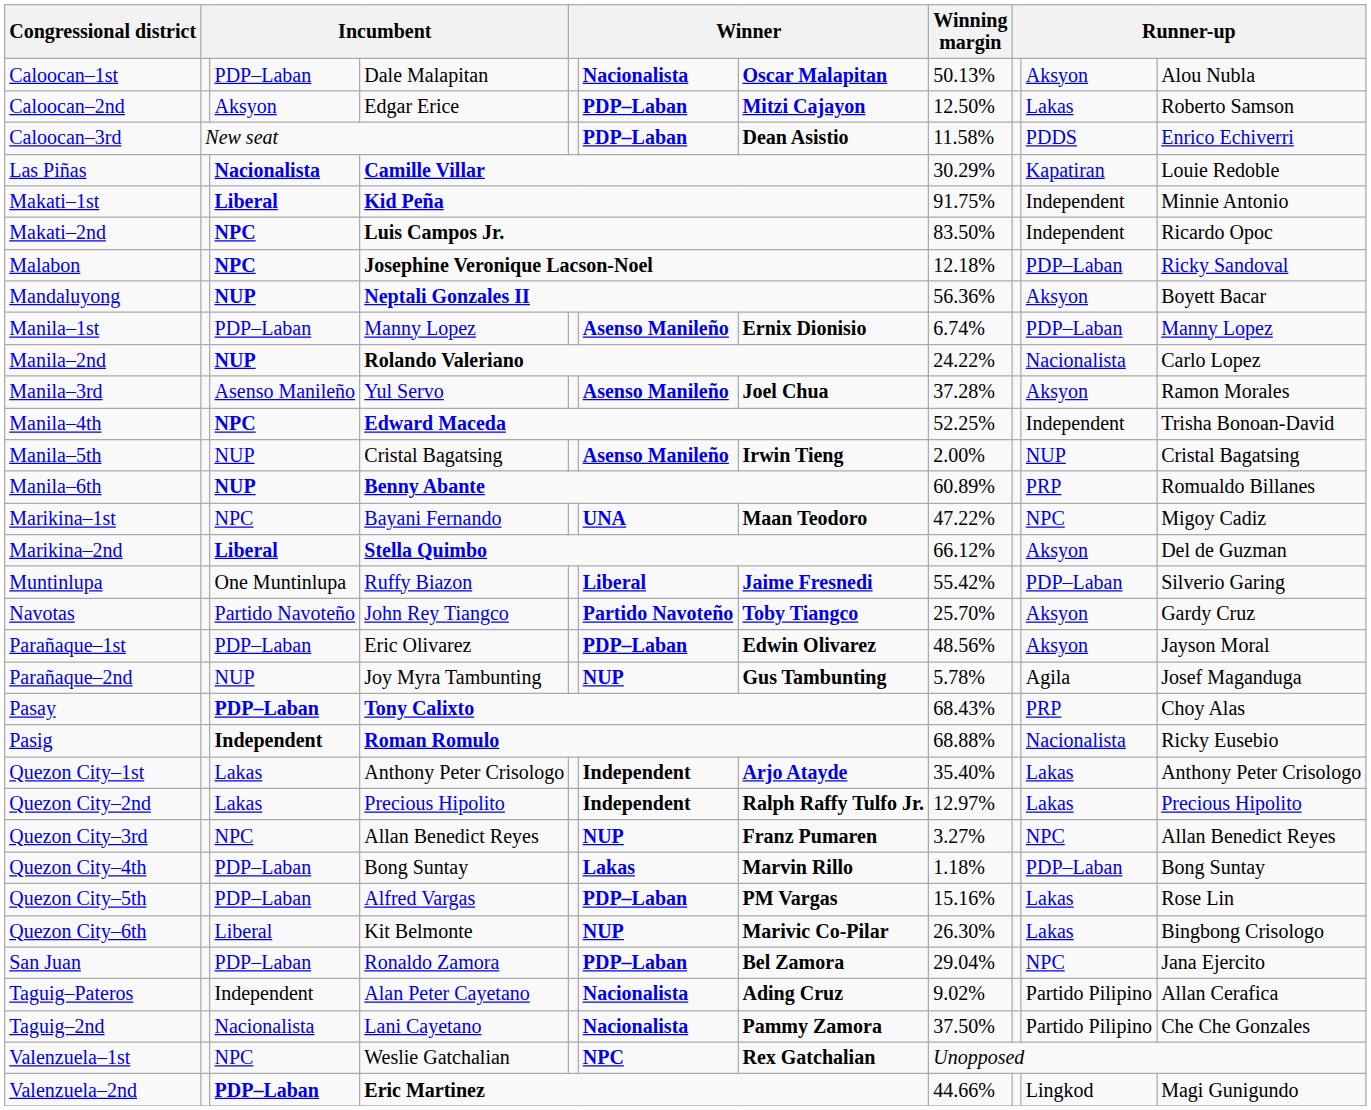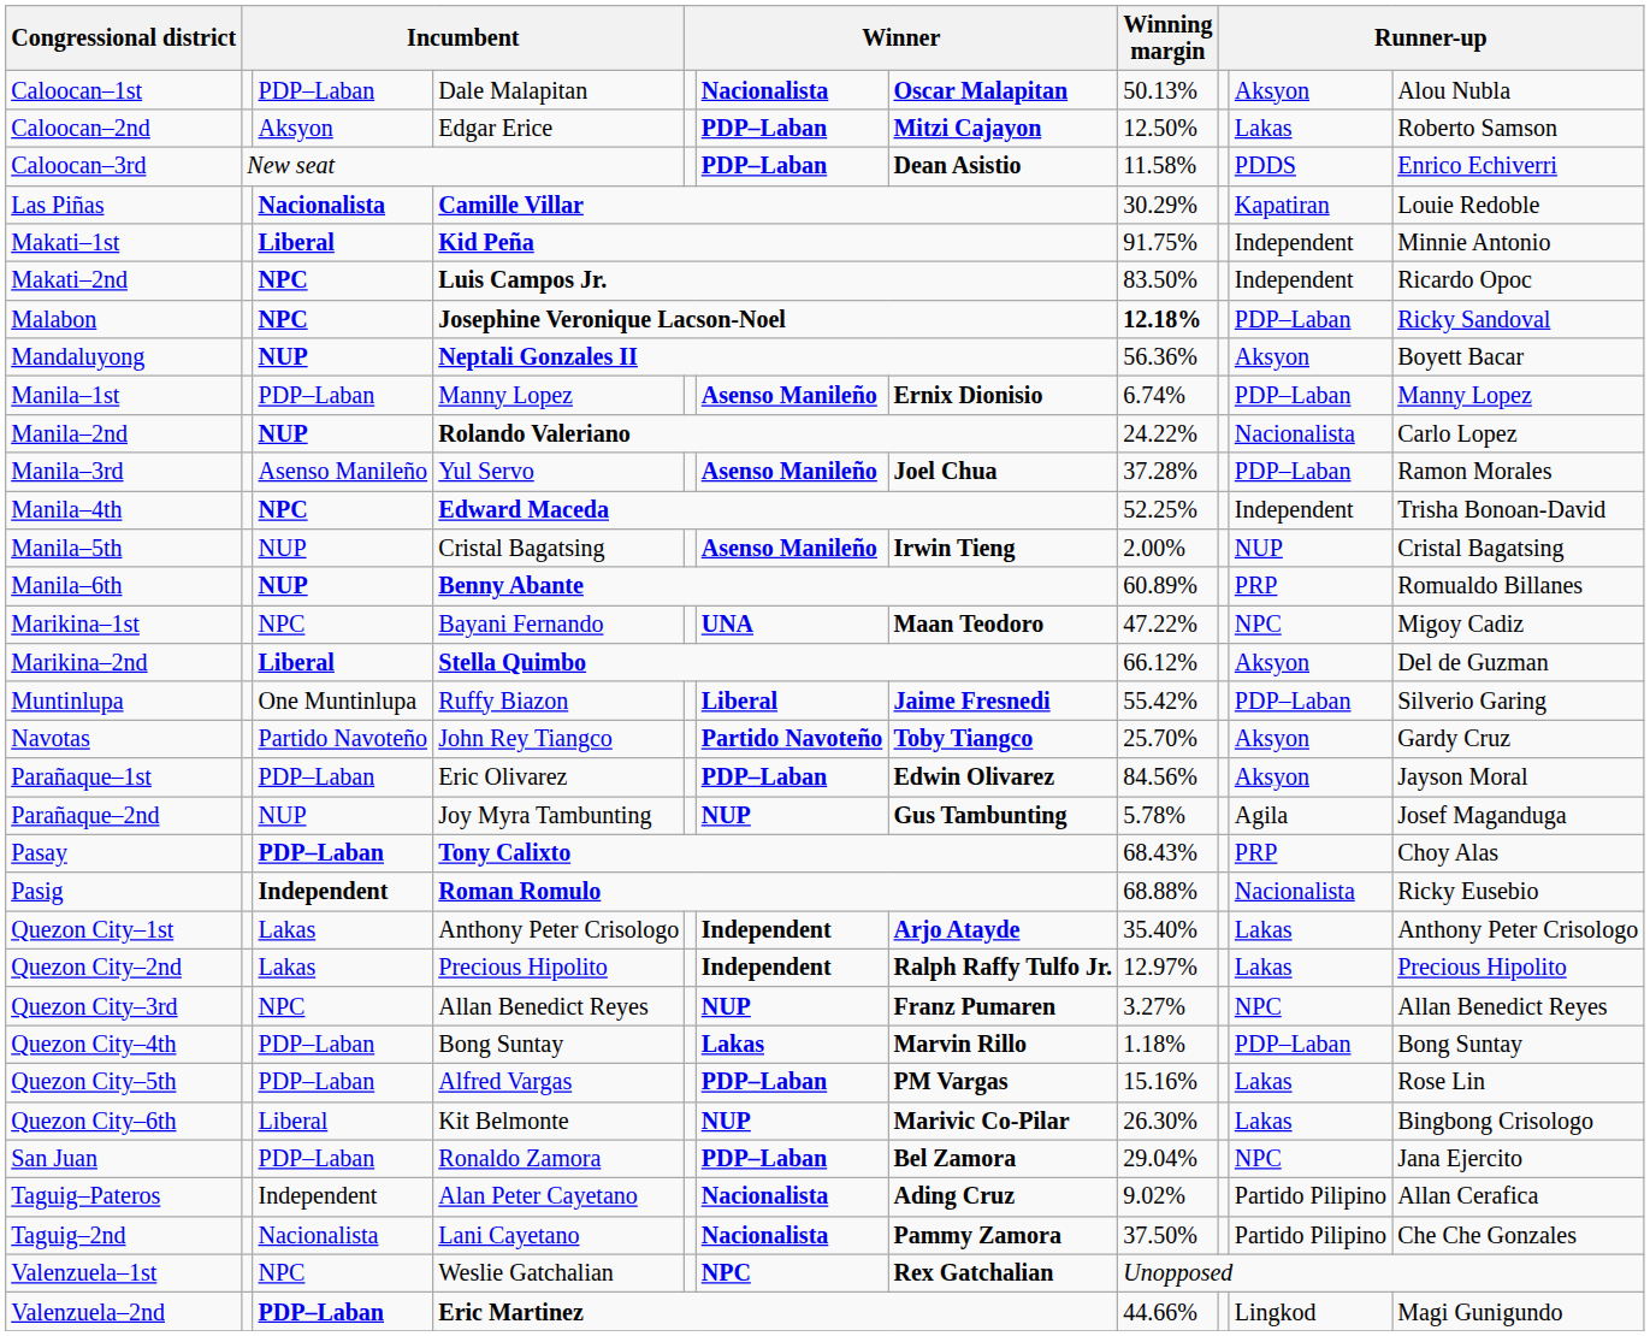 <table class="wikitable sortable mw-collapsible mw-collapsed">
 <tr>
 <th>Congressional district</th>
 <th colspan="3">Incumbent</th>
 <th colspan="3">Winner</th>
 <th>Winning<br>margin</th>
 <th colspan="3">Runner-up</th>
 </tr>
 <tr>
 <td><a href='#'>Caloocan–1st</a></td>
 <td></td>
 <td><a href='#'>PDP–Laban</a></td>
 <td>Dale Malapitan</td>
 <td></td>
 <td><a href='#'><strong>Nacionalista</strong></a></td>
 <td><strong><a href='#'>Oscar Malapitan</a></strong></td>
 <td>50.13%</td>
 <td></td>
 <td><a href='#'>Aksyon</a></td>
 <td>Alou Nubla</td>
 </tr>
 <tr>
 <td><a href='#'>Caloocan–2nd</a></td>
 <td></td>
 <td><a href='#'>Aksyon</a></td>
 <td>Edgar Erice</td>
 <td></td>
 <td><strong><a href='#'>PDP–Laban</a></strong></td>
 <td><strong><a href='#'>Mitzi Cajayon</a></strong></td>
 <td>12.50%</td>
 <td></td>
 <td><a href='#'>Lakas</a></td>
 <td>Roberto Samson</td>
 </tr>
 <tr>
 <td><a href='#'>Caloocan–3rd</a></td>
 <td colspan="3"><em>New seat</em></td>
 <td></td>
 <td><strong><a href='#'>PDP–Laban</a></strong></td>
 <td><strong>Dean Asistio</strong></td>
 <td>11.58%</td>
 <td></td>
 <td><a href='#'>PDDS</a></td>
 <td><a href='#'>Enrico Echiverri</a></td>
 </tr>
 <tr>
 <td><a href='#'>Las Piñas</a></td>
 <td></td>
 <td><a href='#'><strong>Nacionalista</strong></a></td>
 <td colspan="4"><strong><a href='#'>Camille Villar</a></strong></td>
 <td>30.29%</td>
 <td></td>
 <td><a href='#'>Kapatiran</a></td>
 <td>Louie Redoble</td>
 </tr>
 <tr>
 <td><a href='#'>Makati–1st</a></td>
 <td></td>
 <td><a href='#'><strong>Liberal</strong></a></td>
 <td colspan="4"><strong><a href='#'>Kid Peña</a></strong></td>
 <td>91.75%</td>
 <td></td>
 <td>Independent</td>
 <td>Minnie Antonio</td>
 </tr>
 <tr>
 <td><a href='#'>Makati–2nd</a></td>
 <td></td>
 <td><a href='#'><strong>NPC</strong></a></td>
 <td colspan="4"><strong>Luis Campos Jr.</strong></td>
 <td>83.50%</td>
 <td></td>
 <td>Independent</td>
 <td>Ricardo Opoc</td>
 </tr>
 <tr>
 <td><a href='#'>Malabon</a></td>
 <td></td>
 <td><a href='#'><strong>NPC</strong></a></td>
 <td colspan="4"><strong>Josephine Veronique Lacson-Noel</strong></td>
-<td>12.18%</td>
+<td><strong>12.18%</strong></td>
 <td></td>
 <td><a href='#'>PDP–Laban</a></td>
 <td><a href='#'>Ricky Sandoval</a></td>
 </tr>
 <tr>
 <td><a href='#'>Mandaluyong</a></td>
 <td></td>
 <td><a href='#'><strong>NUP</strong></a></td>
 <td colspan="4"><strong><a href='#'>Neptali Gonzales II</a></strong></td>
 <td>56.36%</td>
 <td></td>
 <td><a href='#'>Aksyon</a></td>
 <td>Boyett Bacar</td>
 </tr>
 <tr>
 <td><a href='#'>Manila–1st</a></td>
 <td></td>
 <td><a href='#'>PDP–Laban</a></td>
 <td><a href='#'>Manny Lopez</a></td>
 <td></td>
 <td><strong><a href='#'>Asenso Manileño</a></strong></td>
 <td><strong>Ernix Dionisio</strong></td>
 <td>6.74%</td>
 <td></td>
 <td><a href='#'>PDP–Laban</a></td>
 <td><a href='#'>Manny Lopez</a></td>
 </tr>
 <tr>
 <td><a href='#'>Manila–2nd</a></td>
 <td></td>
 <td><a href='#'><strong>NUP</strong></a></td>
 <td colspan="4"><strong>Rolando Valeriano</strong></td>
 <td>24.22%</td>
 <td></td>
 <td><a href='#'>Nacionalista</a></td>
 <td>Carlo Lopez</td>
 </tr>
 <tr>
 <td><a href='#'>Manila–3rd</a></td>
 <td></td>
 <td><a href='#'>Asenso Manileño</a></td>
 <td><a href='#'>Yul Servo</a></td>
 <td></td>
 <td><strong><a href='#'>Asenso Manileño</a></strong></td>
 <td><strong>Joel Chua</strong></td>
 <td>37.28%</td>
 <td></td>
-<td><a href='#'>Aksyon</a></td>
+<td><a href='#'>PDP–Laban</a></td>
 <td>Ramon Morales</td>
 </tr>
 <tr>
 <td><a href='#'>Manila–4th</a></td>
 <td></td>
 <td><a href='#'><strong>NPC</strong></a></td>
 <td colspan="4"><strong><a href='#'>Edward Maceda</a></strong></td>
 <td>52.25%</td>
 <td></td>
 <td>Independent</td>
 <td>Trisha Bonoan-David</td>
 </tr>
 <tr>
 <td><a href='#'>Manila–5th</a></td>
 <td></td>
 <td><a href='#'>NUP</a></td>
 <td>Cristal Bagatsing</td>
 <td></td>
 <td><strong><a href='#'>Asenso Manileño</a></strong></td>
 <td><strong>Irwin Tieng</strong></td>
 <td>2.00%</td>
 <td></td>
 <td><a href='#'>NUP</a></td>
 <td>Cristal Bagatsing</td>
 </tr>
 <tr>
 <td><a href='#'>Manila–6th</a></td>
 <td></td>
 <td><a href='#'><strong>NUP</strong></a></td>
 <td colspan="4"><strong><a href='#'>Benny Abante</a></strong></td>
 <td>60.89%</td>
 <td></td>
 <td><a href='#'>PRP</a></td>
 <td>Romualdo Billanes</td>
 </tr>
 <tr>
 <td><a href='#'>Marikina–1st</a></td>
 <td></td>
 <td><a href='#'>NPC</a></td>
 <td><a href='#'>Bayani Fernando</a></td>
 <td></td>
 <td><a href='#'><strong>UNA</strong></a></td>
 <td><strong>Maan Teodoro</strong></td>
 <td>47.22%</td>
 <td></td>
 <td><a href='#'>NPC</a></td>
 <td>Migoy Cadiz</td>
 </tr>
 <tr>
 <td><a href='#'>Marikina–2nd</a></td>
 <td></td>
 <td><a href='#'><strong>Liberal</strong></a></td>
 <td colspan="4"><strong><a href='#'>Stella Quimbo</a></strong></td>
 <td>66.12%</td>
 <td></td>
 <td><a href='#'>Aksyon</a></td>
 <td>Del de Guzman</td>
 </tr>
 <tr>
 <td><a href='#'>Muntinlupa</a></td>
 <td></td>
 <td>One Muntinlupa</td>
 <td><a href='#'>Ruffy Biazon</a></td>
 <td></td>
 <td><a href='#'><strong>Liberal</strong></a></td>
 <td><strong><a href='#'>Jaime Fresnedi</a></strong></td>
 <td>55.42%</td>
 <td></td>
 <td><a href='#'>PDP–Laban</a></td>
 <td>Silverio Garing</td>
 </tr>
 <tr>
 <td><a href='#'>Navotas</a></td>
 <td></td>
 <td><a href='#'>Partido Navoteño</a></td>
 <td><a href='#'>John Rey Tiangco</a></td>
 <td></td>
 <td><strong><a href='#'>Partido Navoteño</a></strong></td>
 <td><strong><a href='#'>Toby Tiangco</a></strong></td>
 <td>25.70%</td>
 <td></td>
 <td><a href='#'>Aksyon</a></td>
 <td>Gardy Cruz</td>
 </tr>
 <tr>
 <td><a href='#'>Parañaque–1st</a></td>
 <td></td>
 <td><a href='#'>PDP–Laban</a></td>
 <td>Eric Olivarez</td>
 <td></td>
 <td><strong><a href='#'>PDP–Laban</a></strong></td>
 <td><strong>Edwin Olivarez</strong></td>
-<td>48.56%</td>
+<td>84.56%</td>
 <td></td>
 <td><a href='#'>Aksyon</a></td>
 <td>Jayson Moral</td>
 </tr>
 <tr>
 <td><a href='#'>Parañaque–2nd</a></td>
 <td></td>
 <td><a href='#'>NUP</a></td>
 <td>Joy Myra Tambunting</td>
 <td></td>
 <td><a href='#'><strong>NUP</strong></a></td>
 <td><strong>Gus Tambunting</strong></td>
 <td>5.78%</td>
 <td></td>
 <td>Agila</td>
 <td>Josef Maganduga</td>
 </tr>
 <tr>
 <td><a href='#'>Pasay</a></td>
 <td></td>
 <td><strong><a href='#'>PDP–Laban</a></strong></td>
 <td colspan="4"><strong><a href='#'>Tony Calixto</a></strong></td>
 <td>68.43%</td>
 <td></td>
 <td><a href='#'>PRP</a></td>
 <td>Choy Alas</td>
 </tr>
 <tr>
 <td><a href='#'>Pasig</a></td>
 <td></td>
 <td><strong>Independent</strong></td>
 <td colspan="4"><strong><a href='#'>Roman Romulo</a></strong></td>
 <td>68.88%</td>
 <td></td>
 <td><a href='#'>Nacionalista</a></td>
 <td>Ricky Eusebio</td>
 </tr>
 <tr>
 <td><a href='#'>Quezon City–1st</a></td>
 <td></td>
 <td><a href='#'>Lakas</a></td>
 <td>Anthony Peter Crisologo</td>
 <td></td>
 <td><strong>Independent</strong></td>
 <td><strong><a href='#'>Arjo Atayde</a></strong></td>
 <td>35.40%</td>
 <td></td>
 <td><a href='#'>Lakas</a></td>
 <td>Anthony Peter Crisologo</td>
 </tr>
 <tr>
 <td><a href='#'>Quezon City–2nd</a></td>
 <td></td>
 <td><a href='#'>Lakas</a></td>
 <td><a href='#'>Precious Hipolito</a></td>
 <td></td>
 <td><strong>Independent</strong></td>
 <td><strong>Ralph Raffy Tulfo Jr.</strong></td>
 <td>12.97%</td>
 <td></td>
 <td><a href='#'>Lakas</a></td>
 <td><a href='#'>Precious Hipolito</a></td>
 </tr>
 <tr>
 <td><a href='#'>Quezon City–3rd</a></td>
 <td></td>
 <td><a href='#'>NPC</a></td>
 <td>Allan Benedict Reyes</td>
 <td></td>
 <td><a href='#'><strong>NUP</strong></a></td>
 <td><strong>Franz Pumaren</strong></td>
 <td>3.27%</td>
 <td></td>
 <td><a href='#'>NPC</a></td>
 <td>Allan Benedict Reyes</td>
 </tr>
 <tr>
 <td><a href='#'>Quezon City–4th</a></td>
 <td></td>
 <td><a href='#'>PDP–Laban</a></td>
 <td>Bong Suntay</td>
 <td></td>
 <td><a href='#'><strong>Lakas</strong></a></td>
 <td><strong>Marvin Rillo</strong></td>
 <td>1.18%</td>
 <td></td>
 <td><a href='#'>PDP–Laban</a></td>
 <td>Bong Suntay</td>
 </tr>
 <tr>
 <td><a href='#'>Quezon City–5th</a></td>
 <td></td>
 <td><a href='#'>PDP–Laban</a></td>
 <td><a href='#'>Alfred Vargas</a></td>
 <td></td>
 <td><strong><a href='#'>PDP–Laban</a></strong></td>
 <td><strong>PM Vargas</strong></td>
 <td>15.16%</td>
 <td></td>
 <td><a href='#'>Lakas</a></td>
 <td>Rose Lin</td>
 </tr>
 <tr>
 <td><a href='#'>Quezon City–6th</a></td>
 <td></td>
 <td><a href='#'>Liberal</a></td>
 <td>Kit Belmonte</td>
 <td></td>
 <td><a href='#'><strong>NUP</strong></a></td>
 <td><strong>Marivic Co-Pilar</strong></td>
 <td>26.30%</td>
 <td></td>
 <td><a href='#'>Lakas</a></td>
 <td>Bingbong Crisologo</td>
 </tr>
 <tr>
 <td><a href='#'>San Juan</a></td>
 <td></td>
 <td><a href='#'>PDP–Laban</a></td>
 <td><a href='#'>Ronaldo Zamora</a></td>
 <td></td>
 <td><strong><a href='#'>PDP–Laban</a></strong></td>
 <td><strong>Bel Zamora</strong></td>
 <td>29.04%</td>
 <td></td>
 <td><a href='#'>NPC</a></td>
 <td>Jana Ejercito</td>
 </tr>
 <tr>
 <td><a href='#'>Taguig–Pateros</a></td>
 <td></td>
 <td>Independent</td>
 <td><a href='#'>Alan Peter Cayetano</a></td>
 <td></td>
 <td><a href='#'><strong>Nacionalista</strong></a></td>
 <td><strong>Ading Cruz</strong></td>
 <td>9.02%</td>
 <td></td>
 <td>Partido Pilipino</td>
 <td>Allan Cerafica</td>
 </tr>
 <tr>
 <td><a href='#'>Taguig–2nd</a></td>
 <td></td>
 <td><a href='#'>Nacionalista</a></td>
 <td><a href='#'>Lani Cayetano</a></td>
 <td></td>
 <td><a href='#'><strong>Nacionalista</strong></a></td>
 <td><strong>Pammy Zamora</strong></td>
 <td>37.50%</td>
 <td></td>
 <td>Partido Pilipino</td>
 <td>Che Che Gonzales</td>
 </tr>
 <tr>
 <td><a href='#'>Valenzuela–1st</a></td>
 <td></td>
 <td><a href='#'>NPC</a></td>
 <td>Weslie Gatchalian</td>
 <td></td>
 <td><a href='#'><strong>NPC</strong></a></td>
 <td><strong>Rex Gatchalian</strong></td>
 <td colspan="4"><em>Unopposed</em></td>
 </tr>
 <tr>
 <td><a href='#'>Valenzuela–2nd</a></td>
 <td></td>
 <td><strong><a href='#'>PDP–Laban</a></strong></td>
 <td colspan="4"><strong>Eric Martinez</strong></td>
 <td>44.66%</td>
 <td></td>
 <td>Lingkod</td>
 <td>Magi Gunigundo</td>
 </tr>
 </table>
